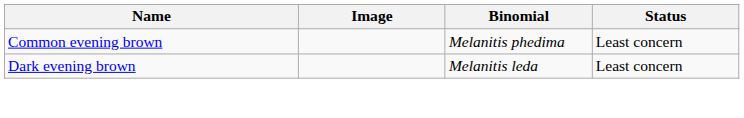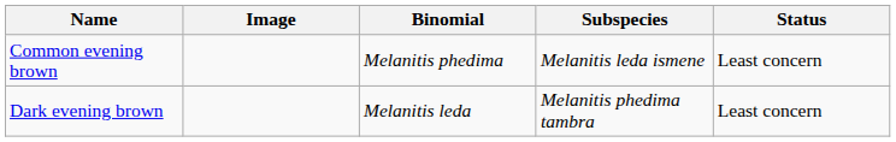 <table width=60% class="wikitable">
 <tr>
 <th>Name</th>
 <th width="20%">Image</th>
 <th width="20%">Binomial</th>
+<th width=20%>Subspecies</th>
 <th width=20%>Status</th>
 </tr>
 <tr>
 <td><a href='#'>Common evening brown</a></td>
 <td><br></td>
 <td><em>Melanitis phedima</em></td>
+<td><em>Melanitis leda ismene</em></td>
 <td>Least concern</td>
 </tr>
 <tr>
 <td><a href='#'>Dark evening brown</a></td>
 <td><br> </td>
 <td><em>Melanitis leda</em></td>
+<td><em>Melanitis phedima tambra</em></td>
 <td>Least concern</td>
 </tr>
 </table>
